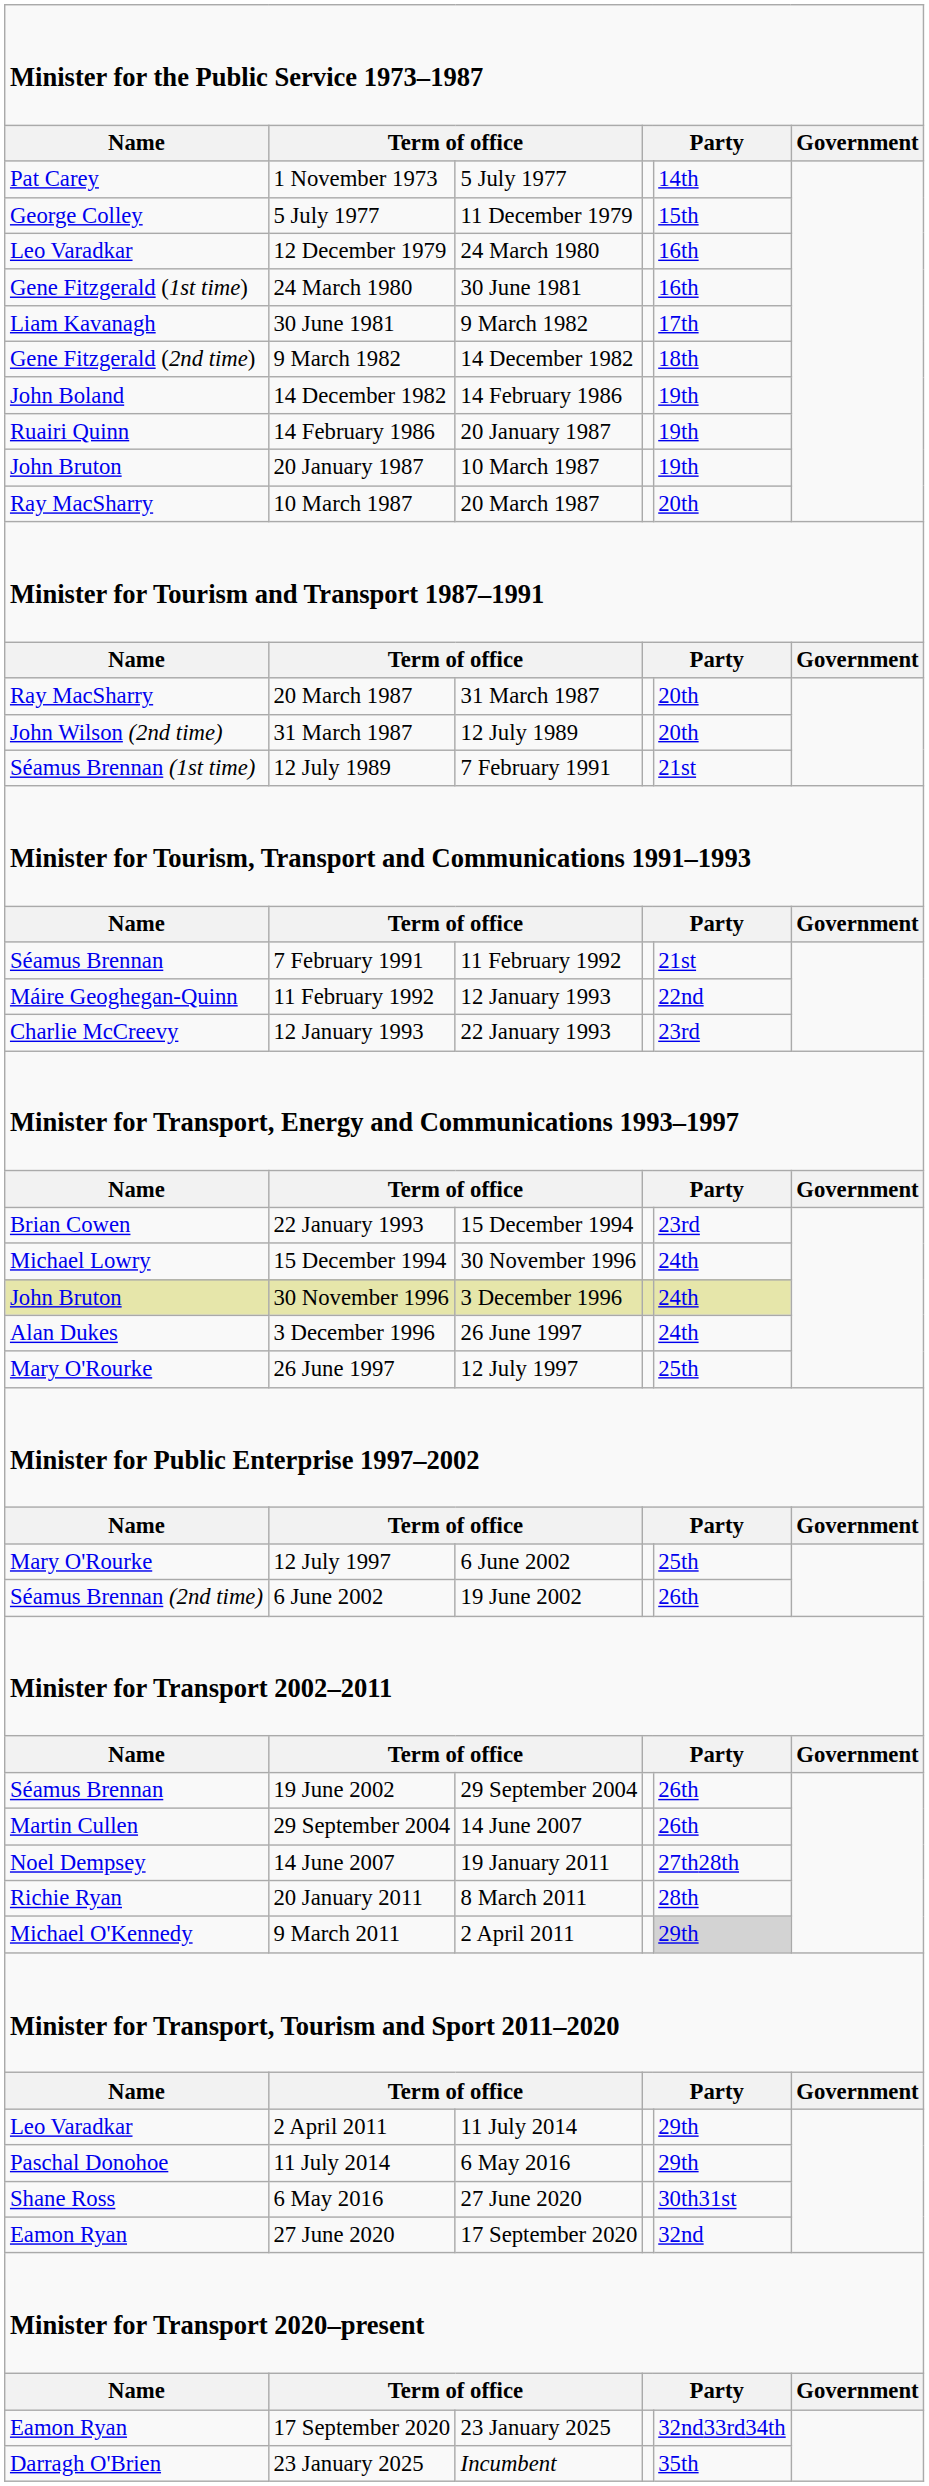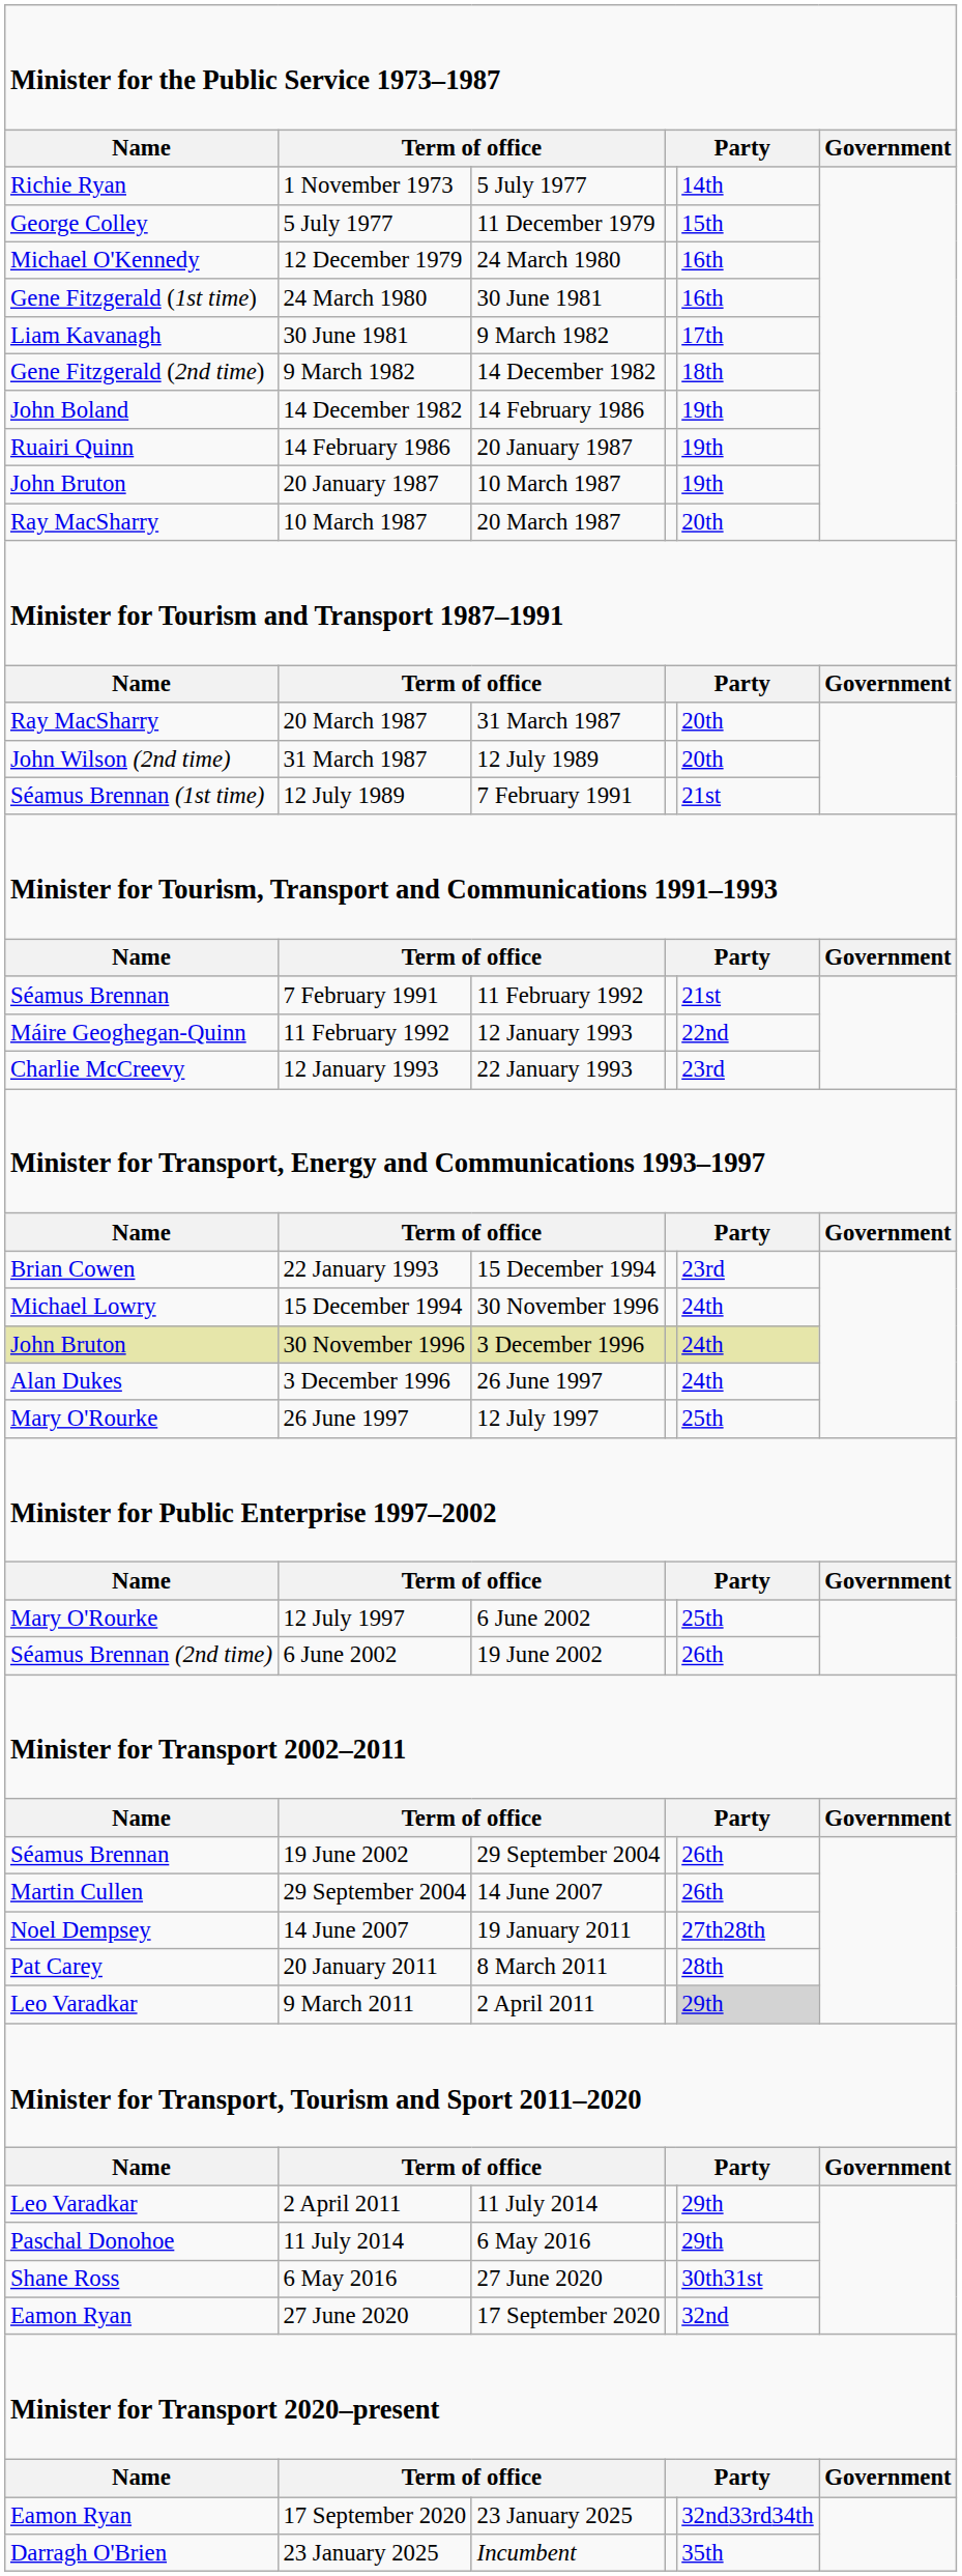 <table class="wikitable">
 <tr>
 <td colspan="7"><br><h3>Minister for the Public Service 1973–1987</h3></td>
 </tr>
 <tr>
 <th>Name</th>
 <th colspan="2">Term of office</th>
 <th colspan="2">Party</th>
 <th>Government</th>
 </tr>
 <tr>
-<td><a href='#'>Pat Carey</a></td>
+<td><a href='#'>Richie Ryan</a></td>
 <td>1 November 1973</td>
 <td>5 July 1977</td>
 <td></td>
 <td><a href='#'>14th</a></td>
 </tr>
 <tr>
 <td><a href='#'>George Colley</a></td>
 <td>5 July 1977</td>
 <td>11 December 1979</td>
 <td></td>
 <td><a href='#'>15th</a></td>
 </tr>
 <tr>
-<td><a href='#'>Leo Varadkar</a></td>
+<td><a href='#'>Michael O'Kennedy</a></td>
 <td>12 December 1979</td>
 <td>24 March 1980</td>
 <td></td>
 <td><a href='#'>16th</a></td>
 </tr>
 <tr>
 <td><a href='#'>Gene Fitzgerald</a> (<em>1st time</em>)</td>
 <td>24 March 1980</td>
 <td>30 June 1981</td>
 <td></td>
 <td><a href='#'>16th</a></td>
 </tr>
 <tr>
 <td><a href='#'>Liam Kavanagh</a></td>
 <td>30 June 1981</td>
 <td>9 March 1982</td>
 <td></td>
 <td><a href='#'>17th</a></td>
 </tr>
 <tr>
 <td><a href='#'>Gene Fitzgerald</a> (<em>2nd time</em>)</td>
 <td>9 March 1982</td>
 <td>14 December 1982</td>
 <td></td>
 <td><a href='#'>18th</a></td>
 </tr>
 <tr>
 <td><a href='#'>John Boland</a></td>
 <td>14 December 1982</td>
 <td>14 February 1986</td>
 <td></td>
 <td><a href='#'>19th</a></td>
 </tr>
 <tr>
 <td><a href='#'>Ruairi Quinn</a></td>
 <td>14 February 1986</td>
 <td>20 January 1987</td>
 <td></td>
 <td><a href='#'>19th</a></td>
 </tr>
 <tr>
 <td><a href='#'>John Bruton</a></td>
 <td>20 January 1987</td>
 <td>10 March 1987</td>
 <td></td>
 <td><a href='#'>19th</a></td>
 </tr>
 <tr>
 <td><a href='#'>Ray MacSharry</a></td>
 <td>10 March 1987</td>
 <td>20 March 1987</td>
 <td></td>
 <td><a href='#'>20th</a></td>
 </tr>
 <tr>
 <td colspan="7"><br><h3>Minister for Tourism and Transport 1987–1991</h3></td>
 </tr>
 <tr>
 <th>Name</th>
 <th colspan="2">Term of office</th>
 <th colspan="2">Party</th>
 <th>Government</th>
 </tr>
 <tr>
 <td><a href='#'>Ray MacSharry</a></td>
 <td>20 March 1987</td>
 <td>31 March 1987</td>
 <td></td>
 <td><a href='#'>20th</a></td>
 </tr>
 <tr>
 <td><a href='#'>John Wilson</a> <em>(2nd time)</em></td>
 <td>31 March 1987</td>
 <td>12 July 1989</td>
 <td></td>
 <td><a href='#'>20th</a></td>
 </tr>
 <tr>
 <td><a href='#'>Séamus Brennan</a> <em>(1st time)</em></td>
 <td>12 July 1989</td>
 <td>7 February 1991</td>
 <td></td>
 <td><a href='#'>21st</a></td>
 </tr>
 <tr>
 <td colspan="7"><br><h3>Minister for Tourism, Transport and Communications 1991–1993</h3></td>
 </tr>
 <tr>
 <th>Name</th>
 <th colspan="2">Term of office</th>
 <th colspan="2">Party</th>
 <th>Government</th>
 </tr>
 <tr>
 <td><a href='#'>Séamus Brennan</a></td>
 <td>7 February 1991</td>
 <td>11 February 1992</td>
 <td></td>
 <td><a href='#'>21st</a></td>
 </tr>
 <tr>
 <td><a href='#'>Máire Geoghegan-Quinn</a></td>
 <td>11 February 1992</td>
 <td>12 January 1993</td>
 <td></td>
 <td><a href='#'>22nd</a></td>
 </tr>
 <tr>
 <td><a href='#'>Charlie McCreevy</a></td>
 <td>12 January 1993</td>
 <td>22 January 1993</td>
 <td></td>
 <td><a href='#'>23rd</a></td>
 </tr>
 <tr>
 <td colspan="7"><br><h3>Minister for Transport, Energy and Communications 1993–1997</h3></td>
 </tr>
 <tr>
 <th>Name</th>
 <th colspan="2">Term of office</th>
 <th colspan="2">Party</th>
 <th>Government</th>
 </tr>
 <tr>
 <td><a href='#'>Brian Cowen</a></td>
 <td>22 January 1993</td>
 <td>15 December 1994</td>
 <td></td>
 <td><a href='#'>23rd</a></td>
 </tr>
 <tr>
 <td><a href='#'>Michael Lowry</a></td>
 <td>15 December 1994</td>
 <td>30 November 1996</td>
 <td></td>
 <td><a href='#'>24th</a></td>
 </tr>
 <tr bgcolor=#E6E6AA>
 <td><a href='#'>John Bruton</a> </td>
 <td>30 November 1996</td>
 <td>3 December 1996</td>
 <td></td>
 <td><a href='#'>24th</a></td>
 </tr>
 <tr>
 <td><a href='#'>Alan Dukes</a></td>
 <td>3 December 1996</td>
 <td>26 June 1997</td>
 <td></td>
 <td><a href='#'>24th</a></td>
 </tr>
 <tr>
 <td><a href='#'>Mary O'Rourke</a></td>
 <td>26 June 1997</td>
 <td>12 July 1997</td>
 <td></td>
 <td><a href='#'>25th</a></td>
 </tr>
 <tr>
 <td colspan="7"><br><h3>Minister for Public Enterprise 1997–2002</h3></td>
 </tr>
 <tr>
 <th>Name</th>
 <th colspan="2">Term of office</th>
 <th colspan="2">Party</th>
 <th>Government</th>
 </tr>
 <tr>
 <td><a href='#'>Mary O'Rourke</a></td>
 <td>12 July 1997</td>
 <td>6 June 2002</td>
 <td></td>
 <td><a href='#'>25th</a></td>
 </tr>
 <tr>
 <td><a href='#'>Séamus Brennan</a> <em>(2nd time)</em></td>
 <td>6 June 2002</td>
 <td>19 June 2002</td>
 <td></td>
 <td><a href='#'>26th</a></td>
 </tr>
 <tr>
 <td colspan="7"><br><h3>Minister for Transport 2002–2011</h3></td>
 </tr>
 <tr>
 <th>Name</th>
 <th colspan="2">Term of office</th>
 <th colspan="2">Party</th>
 <th>Government</th>
 </tr>
 <tr>
 <td><a href='#'>Séamus Brennan</a></td>
 <td>19 June 2002</td>
 <td>29 September 2004</td>
 <td></td>
 <td><a href='#'>26th</a></td>
 </tr>
 <tr>
 <td><a href='#'>Martin Cullen</a></td>
 <td>29 September 2004</td>
 <td>14 June 2007</td>
 <td></td>
 <td><a href='#'>26th</a></td>
 </tr>
 <tr>
 <td><a href='#'>Noel Dempsey</a></td>
 <td>14 June 2007</td>
 <td>19 January 2011</td>
 <td></td>
 <td><a href='#'>27th</a><a href='#'>28th</a></td>
 </tr>
 <tr>
-<td><a href='#'>Richie Ryan</a></td>
+<td><a href='#'>Pat Carey</a></td>
 <td>20 January 2011</td>
 <td>8 March 2011</td>
 <td></td>
 <td><a href='#'>28th</a></td>
 </tr>
 <tr>
-<td><a href='#'>Michael O'Kennedy</a></td>
+<td><a href='#'>Leo Varadkar</a></td>
 <td>9 March 2011</td>
 <td>2 April 2011</td>
 <td></td>
 <td style="background: lightgrey;"><a href='#'>29th</a></td>
 </tr>
 <tr>
 <td colspan="7"><br><h3>Minister for Transport, Tourism and Sport 2011–2020</h3></td>
 </tr>
 <tr>
 <th>Name</th>
 <th colspan="2">Term of office</th>
 <th colspan="2">Party</th>
 <th>Government</th>
 </tr>
 <tr>
 <td><a href='#'>Leo Varadkar</a></td>
 <td>2 April 2011</td>
 <td>11 July 2014</td>
 <td></td>
 <td><a href='#'>29th</a></td>
 </tr>
 <tr>
 <td><a href='#'>Paschal Donohoe</a></td>
 <td>11 July 2014</td>
 <td>6 May 2016</td>
 <td></td>
 <td><a href='#'>29th</a></td>
 </tr>
 <tr>
 <td><a href='#'>Shane Ross</a></td>
 <td>6 May 2016</td>
 <td>27 June 2020</td>
 <td></td>
 <td><a href='#'>30th</a><a href='#'>31st</a></td>
 </tr>
 <tr>
 <td><a href='#'>Eamon Ryan</a></td>
 <td>27 June 2020</td>
 <td>17 September 2020</td>
 <td></td>
 <td><a href='#'>32nd</a></td>
 </tr>
 <tr>
 <td colspan="7"><br><h3>Minister for Transport 2020–present</h3></td>
 </tr>
 <tr>
 <th>Name</th>
 <th colspan="2">Term of office</th>
 <th colspan="2">Party</th>
 <th>Government</th>
 </tr>
 <tr>
 <td><a href='#'>Eamon Ryan</a></td>
 <td>17 September 2020</td>
 <td>23 January 2025</td>
 <td></td>
 <td><a href='#'>32nd</a><a href='#'>33rd</a><a href='#'>34th</a></td>
 </tr>
 <tr>
 <td><a href='#'>Darragh O'Brien</a></td>
 <td>23 January 2025</td>
 <td><em>Incumbent</em></td>
 <td></td>
 <td><a href='#'>35th</a></td>
 </tr>
 </table>
